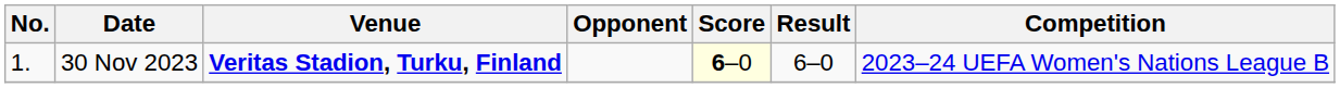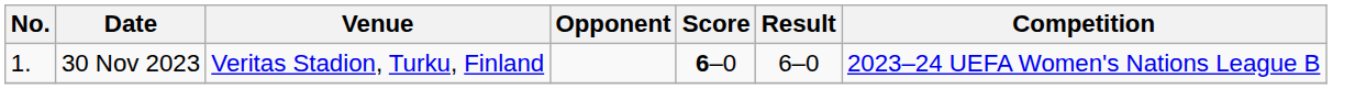 <table class="wikitable">
 <tr>
 <th>No.</th>
 <th>Date</th>
 <th>Venue</th>
 <th>Opponent</th>
 <th>Score</th>
 <th>Result</th>
 <th>Competition</th>
 </tr>
 <tr>
 <td>1.</td>
 <td>30 Nov 2023</td>
-<td><strong><a href='#'>Veritas Stadion</a>, <a href='#'>Turku</a>, <a href='#'>Finland</a></strong></td>
+<td><a href='#'>Veritas Stadion</a>, <a href='#'>Turku</a>, <a href='#'>Finland</a></td>
 <td></td>
-<td align=center style="background: lightyellow;"><strong>6</strong>–0</td>
+<td align=center><strong>6</strong>–0</td>
 <td align=center>6–0</td>
 <td><a href='#'>2023–24 UEFA Women's Nations League B</a></td>
 </tr>
 <tr>
 </tr>
 </table>
